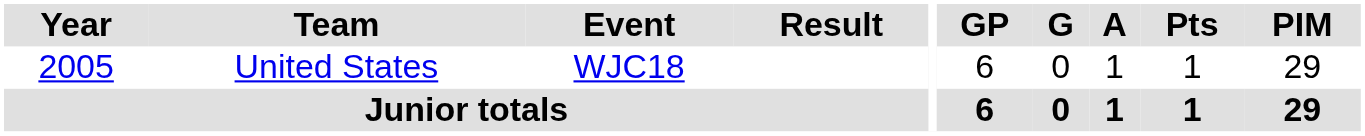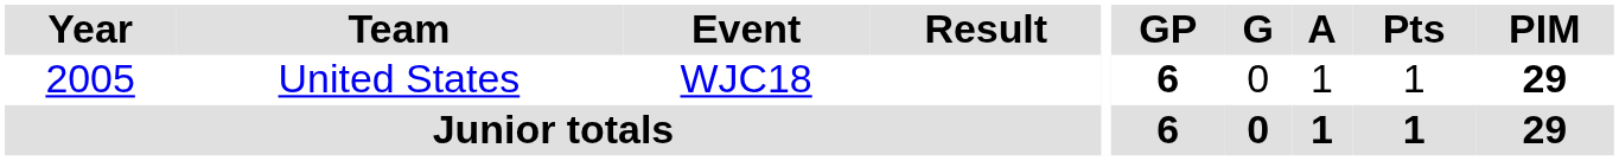 <table border="0" cellpadding="1" cellspacing="0" ID="Table3" style="text-align:center; width:40em">
 <tr ALIGN="center" bgcolor="#e0e0e0">
 <th>Year</th>
 <th>Team</th>
 <th>Event</th>
 <th>Result</th>
 <th rowspan="99" bgcolor="#ffffff"></th>
 <th>GP</th>
 <th>G</th>
 <th>A</th>
 <th>Pts</th>
 <th>PIM</th>
 </tr>
 <tr>
 <td><a href='#'>2005</a></td>
 <td><a href='#'>United States</a></td>
 <td><a href='#'>WJC18</a></td>
 <td></td>
-<td>6</td>
+<td><strong>6</strong></td>
 <td>0</td>
 <td>1</td>
 <td>1</td>
-<td>29</td>
+<td><strong>29</strong></td>
 </tr>
 <tr bgcolor="#e0e0e0">
 <th colspan="4">Junior totals</th>
 <th>6</th>
 <th>0</th>
 <th>1</th>
 <th>1</th>
 <th>29</th>
 </tr>
 </table>
